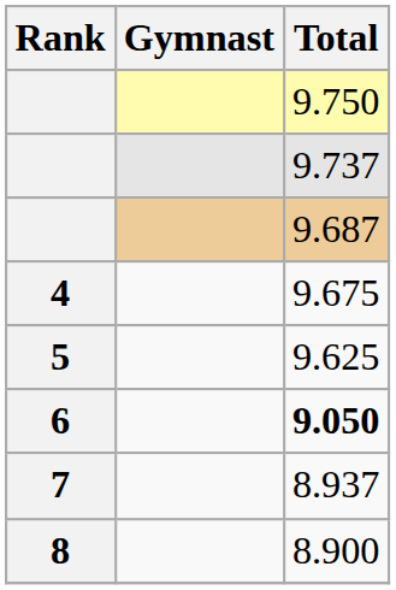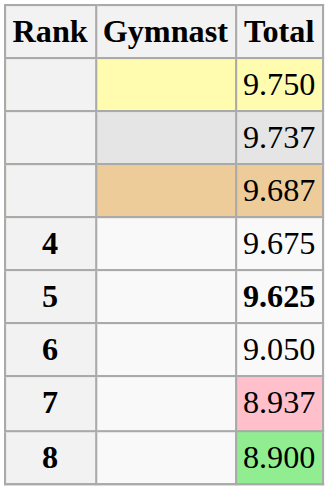 <table class="wikitable sortable" style="text-align:center; font-size:95%">
 <tr>
 <th scope=col>Rank</th>
 <th scope=col>Gymnast</th>
 <th scope=col>Total</th>
 </tr>
 <tr bgcolor=fffcaf>
 <th scope=row style="text-align:center"></th>
 <td align=left></td>
 <td>9.750</td>
 </tr>
 <tr bgcolor=e5e5e5>
 <th scope=row style="text-align:center"></th>
 <td align=left></td>
 <td>9.737</td>
 </tr>
 <tr bgcolor=eecc99>
 <th scope=row style="text-align:center"></th>
 <td align=left></td>
 <td>9.687</td>
 </tr>
 <tr>
 <th scope=row style="text-align:center">4</th>
 <td align=left></td>
 <td>9.675</td>
 </tr>
 <tr>
 <th scope=row style="text-align:center">5</th>
 <td align=left></td>
-<td>9.625</td>
+<td><strong>9.625</strong></td>
 </tr>
 <tr>
 <th scope=row style="text-align:center">6</th>
 <td align=left></td>
-<td><strong>9.050</strong></td>
+<td>9.050</td>
 </tr>
 <tr>
 <th scope=row style="text-align:center">7</th>
 <td align=left></td>
-<td>8.937</td>
+<td style="background: pink;">8.937</td>
 </tr>
 <tr>
 <th scope=row style="text-align:center">8</th>
 <td align=left></td>
-<td>8.900</td>
+<td style="background: lightgreen;">8.900</td>
 </tr>
 <tr>
 </tr>
 </table>
